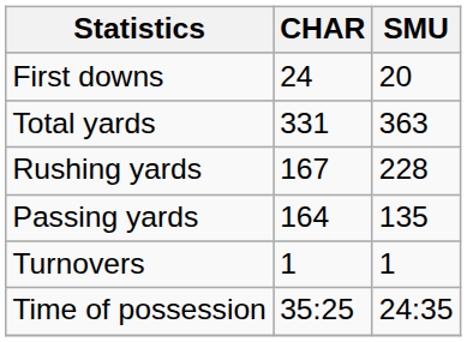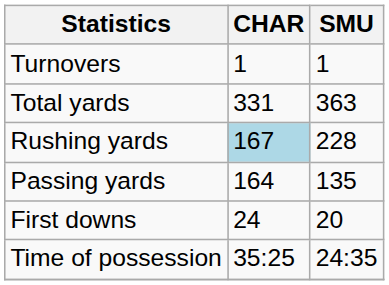 <table class="wikitable" style="float: left;">
 <tr>
 <th>Statistics</th>
 <th>CHAR</th>
 <th>SMU</th>
 </tr>
 <tr>
-<td>First downs</td>
-<td>24</td>
-<td>20</td>
+<td>Turnovers</td>
+<td>1</td>
+<td>1</td>
 </tr>
 <tr>
 <td>Total yards</td>
 <td>331</td>
 <td>363</td>
 </tr>
 <tr>
 <td>Rushing yards</td>
-<td>167</td>
+<td style="background: lightblue;">167</td>
 <td>228</td>
 </tr>
 <tr>
 <td>Passing yards</td>
 <td>164</td>
 <td>135</td>
 </tr>
 <tr>
-<td>Turnovers</td>
-<td>1</td>
-<td>1</td>
+<td>First downs</td>
+<td>24</td>
+<td>20</td>
 </tr>
 <tr>
 <td>Time of possession</td>
 <td>35:25</td>
 <td>24:35</td>
 </tr>
 <tr>
 </tr>
 </table>
